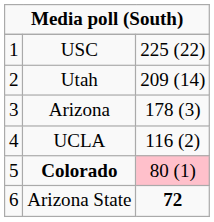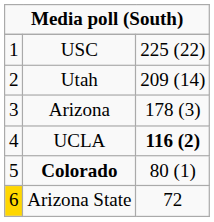 <table class="wikitable">
 <tr align="center">
 <td align="center" Colspan="3"><strong>Media poll (South)</strong></td>
 </tr>
 <tr align="center">
 </tr>
 <tr align="center">
 <td>1</td>
 <td>USC</td>
 <td>225 (22)</td>
 </tr>
 <tr align="center">
 <td>2</td>
 <td>Utah</td>
 <td>209 (14)</td>
 </tr>
 <tr align="center">
 <td>3</td>
 <td>Arizona</td>
 <td>178 (3)</td>
 </tr>
 <tr align="center">
 <td>4</td>
 <td>UCLA</td>
-<td>116 (2)</td>
+<td><strong>116 (2)</strong></td>
 </tr>
 <tr align="center">
 <td>5</td>
 <td><strong>Colorado</strong></td>
-<td style="background: pink;">80 (1)</td>
+<td>80 (1)</td>
 </tr>
 <tr align="center">
-<td>6</td>
+<td style="background: gold;">6</td>
 <td>Arizona State</td>
-<td><strong>72</strong></td>
+<td>72</td>
 </tr>
 </table>
